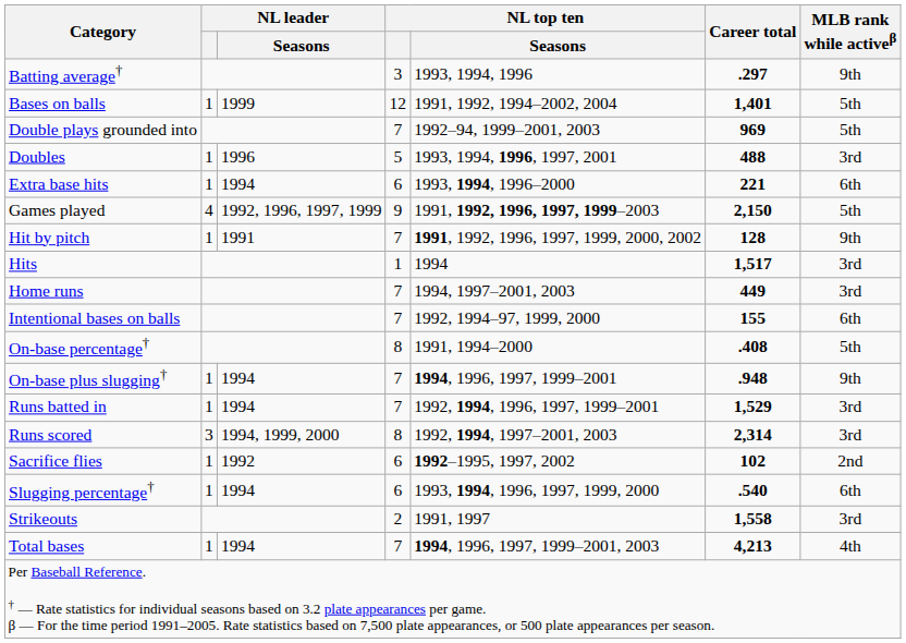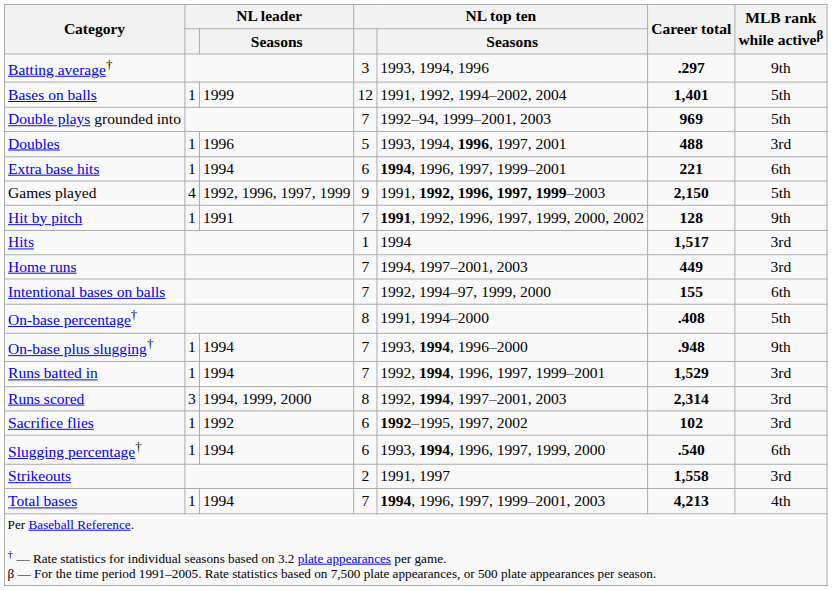 <table class="wikitable" margin: 5px; text-align: center;>
 <tr>
 <th scope="col" rowspan="2">Category</th>
 <th scope="col" colspan="2">NL leader</th>
 <th scope="col" colspan="2">NL top ten</th>
 <th scope="col" rowspan="2">Career total</th>
 <th scope="col" rowspan="2">MLB rank<br> while active<sup>β</sup></th>
 </tr>
 <tr>
 <th scope="col"></th>
 <th scope="col">Seasons</th>
 <th scope="col"></th>
 <th scope="col">Seasons</th>
 </tr>
 <tr>
 <td><a href='#'>Batting average</a><sup>†</sup></td>
 <td style="text-align: center;" colspan="2"></td>
 <td align="center">3</td>
 <td>1993, 1994, 1996</td>
 <td align="center"><strong>.297</strong></td>
 <td align="center">9th</td>
 </tr>
 <tr>
 <td><a href='#'>Bases on balls</a></td>
 <td align="center">1</td>
 <td>1999</td>
 <td align="center">12</td>
 <td>1991, 1992, 1994–2002, 2004</td>
 <td align="center"><strong>1,401</strong></td>
 <td align="center">5th</td>
 </tr>
 <tr>
 <td><a href='#'>Double plays</a> grounded into</td>
 <td style="text-align: center;" colspan="2"></td>
 <td align="center">7</td>
 <td>1992–94, 1999–2001, 2003</td>
 <td align="center"><strong>969</strong></td>
 <td align="center">5th</td>
 </tr>
 <tr>
 <td><a href='#'>Doubles</a></td>
 <td align="center">1</td>
 <td>1996</td>
 <td align="center">5</td>
 <td>1993, 1994, <strong>1996</strong>, 1997, 2001</td>
 <td align="center"><strong>488</strong></td>
 <td align="center">3rd</td>
 </tr>
 <tr>
 <td><a href='#'>Extra base hits</a></td>
 <td align="center">1</td>
 <td>1994</td>
 <td align="center">6</td>
-<td>1993, <strong>1994</strong>, 1996–2000</td>
+<td><strong>1994</strong>, 1996, 1997, 1999–2001</td>
 <td align="center"><strong>221</strong></td>
 <td align="center">6th</td>
 </tr>
 <tr>
 <td>Games played</td>
 <td align="center">4</td>
 <td>1992, 1996, 1997, 1999</td>
 <td align="center">9</td>
 <td>1991, <strong>1992, 1996, 1997, 1999</strong>–2003</td>
 <td align="center"><strong>2,150</strong></td>
 <td align="center">5th</td>
 </tr>
 <tr>
 <td><a href='#'>Hit by pitch</a></td>
 <td align="center">1</td>
 <td>1991</td>
 <td align="center">7</td>
 <td><strong>1991</strong>, 1992, 1996, 1997, 1999, 2000, 2002</td>
 <td align="center"><strong>128</strong></td>
 <td align="center">9th</td>
 </tr>
 <tr>
 <td><a href='#'>Hits</a></td>
 <td style="text-align: center;" colspan="2"></td>
 <td align="center">1</td>
 <td>1994</td>
 <td align="center"><strong>1,517</strong></td>
 <td align="center">3rd</td>
 </tr>
 <tr>
 <td><a href='#'>Home runs</a></td>
 <td style="text-align: center;" colspan="2"></td>
 <td align="center">7</td>
 <td>1994, 1997–2001, 2003</td>
 <td align="center"><strong>449</strong></td>
 <td align="center">3rd</td>
 </tr>
 <tr>
 <td><a href='#'>Intentional bases on balls</a></td>
 <td style="text-align: center;" colspan="2"></td>
 <td align="center">7</td>
 <td>1992, 1994–97, 1999, 2000</td>
 <td align="center"><strong>155</strong></td>
 <td align="center">6th</td>
 </tr>
 <tr>
 <td><a href='#'>On-base percentage</a><sup>†</sup></td>
 <td style="text-align: center;" colspan="2"></td>
 <td align="center">8</td>
 <td>1991, 1994–2000</td>
 <td align="center"><strong>.408</strong></td>
 <td align="center">5th</td>
 </tr>
 <tr>
 <td><a href='#'>On-base plus slugging</a><sup>†</sup></td>
 <td align="center">1</td>
 <td>1994</td>
 <td align="center">7</td>
-<td><strong>1994</strong>, 1996, 1997, 1999–2001</td>
+<td>1993, <strong>1994</strong>, 1996–2000</td>
 <td align="center"><strong>.948</strong></td>
 <td align="center">9th</td>
 </tr>
 <tr>
 <td><a href='#'>Runs batted in</a></td>
 <td align="center">1</td>
 <td>1994</td>
 <td align="center">7</td>
 <td>1992, <strong>1994</strong>, 1996, 1997, 1999–2001</td>
 <td align="center"><strong>1,529</strong></td>
 <td align="center">3rd</td>
 </tr>
 <tr>
 <td><a href='#'>Runs scored</a></td>
 <td align="center">3</td>
 <td>1994, 1999, 2000</td>
 <td align="center">8</td>
 <td>1992, <strong>1994</strong>, 1997–2001, 2003</td>
 <td align="center"><strong>2,314</strong></td>
 <td align="center">3rd</td>
 </tr>
 <tr>
 <td><a href='#'>Sacrifice flies</a></td>
 <td align="center">1</td>
 <td>1992</td>
 <td align="center">6</td>
 <td><strong>1992</strong>–1995, 1997, 2002</td>
 <td align="center"><strong>102</strong></td>
-<td align="center">2nd</td>
+<td align="center">3rd</td>
 </tr>
 <tr>
 <td><a href='#'>Slugging percentage</a><sup>†</sup></td>
 <td align="center">1</td>
 <td>1994</td>
 <td align="center">6</td>
 <td>1993, <strong>1994</strong>, 1996, 1997, 1999, 2000</td>
 <td align="center"><strong>.540</strong></td>
 <td align="center">6th</td>
 </tr>
 <tr>
 <td><a href='#'>Strikeouts</a></td>
 <td style="text-align: center;" colspan="2"></td>
 <td align="center">2</td>
 <td>1991, 1997</td>
 <td align="center"><strong>1,558</strong></td>
 <td align="center">3rd</td>
 </tr>
 <tr>
 <td><a href='#'>Total bases</a></td>
 <td align="center">1</td>
 <td>1994</td>
 <td align="center">7</td>
 <td><strong>1994</strong>, 1996, 1997, 1999–2001, 2003</td>
 <td align="center"><strong>4,213</strong></td>
 <td align="center">4th</td>
 </tr>
 <tr>
 <td colspan="7" style="font-size:85%">Per <a href='#'>Baseball Reference</a>.<br><br><sup>†</sup> — Rate statistics for individual seasons based on 3.2 <a href='#'>plate appearances</a> per game.<br> β — For the time period 1991–2005. Rate statistics based on 7,500 plate appearances, or 500 plate appearances per season.</td>
 </tr>
 <tr>
 </tr>
 </table>
